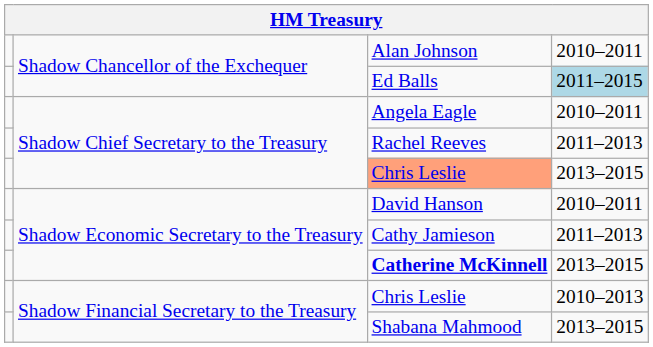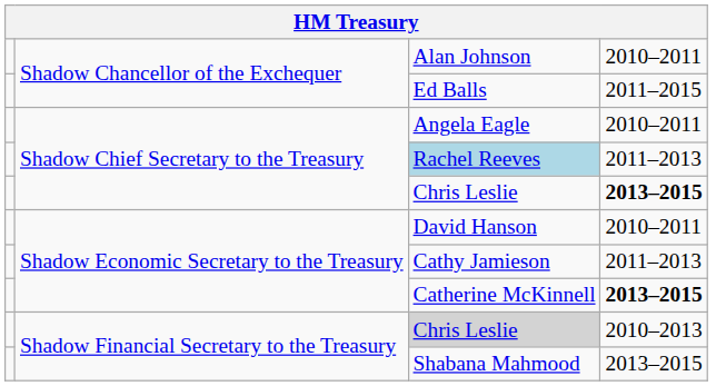 <table class="wikitable">
 <tr>
 <th colspan="4"><a href='#'>HM Treasury</a></th>
 </tr>
 <tr>
 <td style="background: "></td>
 <td rowspan="2"><a href='#'>Shadow Chancellor of the Exchequer</a></td>
 <td><a href='#'>Alan Johnson</a></td>
 <td>2010–2011</td>
 </tr>
 <tr>
 <td style="background: "></td>
 <td><a href='#'>Ed Balls</a></td>
-<td style="background: lightblue;">2011–2015</td>
+<td>2011–2015</td>
 </tr>
 <tr>
 <td style="background: "></td>
 <td rowspan="3"><a href='#'>Shadow Chief Secretary to the Treasury</a></td>
 <td><a href='#'>Angela Eagle</a></td>
 <td>2010–2011</td>
 </tr>
 <tr>
 <td style="background: "></td>
-<td><a href='#'>Rachel Reeves</a></td>
+<td style="background: lightblue;"><a href='#'>Rachel Reeves</a></td>
 <td>2011–2013</td>
 </tr>
 <tr>
 <td style="background: "></td>
-<td style="background: lightsalmon;"><a href='#'>Chris Leslie</a></td>
-<td>2013–2015</td>
+<td><a href='#'>Chris Leslie</a></td>
+<td><strong>2013–2015</strong></td>
 </tr>
 <tr>
 <td style="background: "></td>
 <td rowspan="3"><a href='#'>Shadow Economic Secretary to the Treasury</a></td>
 <td><a href='#'>David Hanson</a></td>
 <td>2010–2011</td>
 </tr>
 <tr>
 <td style="background: "></td>
 <td><a href='#'>Cathy Jamieson</a></td>
 <td>2011–2013</td>
 </tr>
 <tr>
 <td style="background: "></td>
-<td><strong><a href='#'>Catherine McKinnell</a></strong></td>
-<td>2013–2015</td>
+<td><a href='#'>Catherine McKinnell</a></td>
+<td><strong>2013–2015</strong></td>
 </tr>
 <tr>
 <td style="background: "></td>
 <td rowspan="2"><a href='#'>Shadow Financial Secretary to the Treasury</a></td>
-<td><a href='#'>Chris Leslie</a></td>
+<td style="background: lightgrey;"><a href='#'>Chris Leslie</a></td>
 <td>2010–2013</td>
 </tr>
 <tr>
 <td style="background: "></td>
 <td><a href='#'>Shabana Mahmood</a></td>
 <td>2013–2015</td>
 </tr>
 </table>
